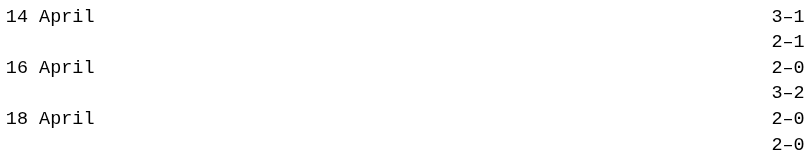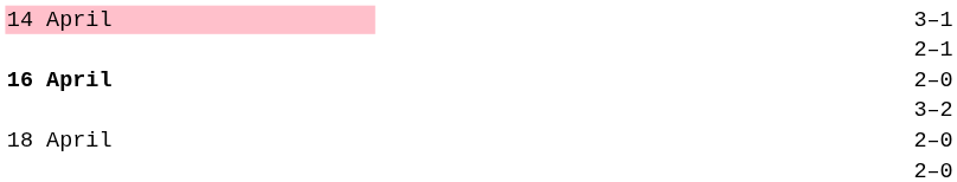 <table cellspacing=1 width=70%>
 <tr>
 <th width=25%></th>
 <th width=30%></th>
 <th width=15%></th>
 <th width=30%></th>
 </tr>
 <tr>
-<td>14 April</td>
+<td style="background: pink;">14 April</td>
 <td align=right></td>
 <td align=center>3–1</td>
 <td></td>
 </tr>
 <tr>
 <td></td>
 <td align=right></td>
 <td align=center>2–1</td>
 <td></td>
 </tr>
 <tr>
-<td>16 April</td>
+<td><strong>16 April</strong></td>
 <td align=right></td>
 <td align=center>2–0</td>
 <td></td>
 </tr>
 <tr>
 <td></td>
 <td align=right></td>
 <td align=center>3–2</td>
 <td></td>
 </tr>
 <tr>
 <td>18 April</td>
 <td align=right></td>
 <td align=center>2–0</td>
 <td></td>
 </tr>
 <tr>
 <td></td>
 <td align=right></td>
 <td align=center>2–0</td>
 <td></td>
 </tr>
 </table>
